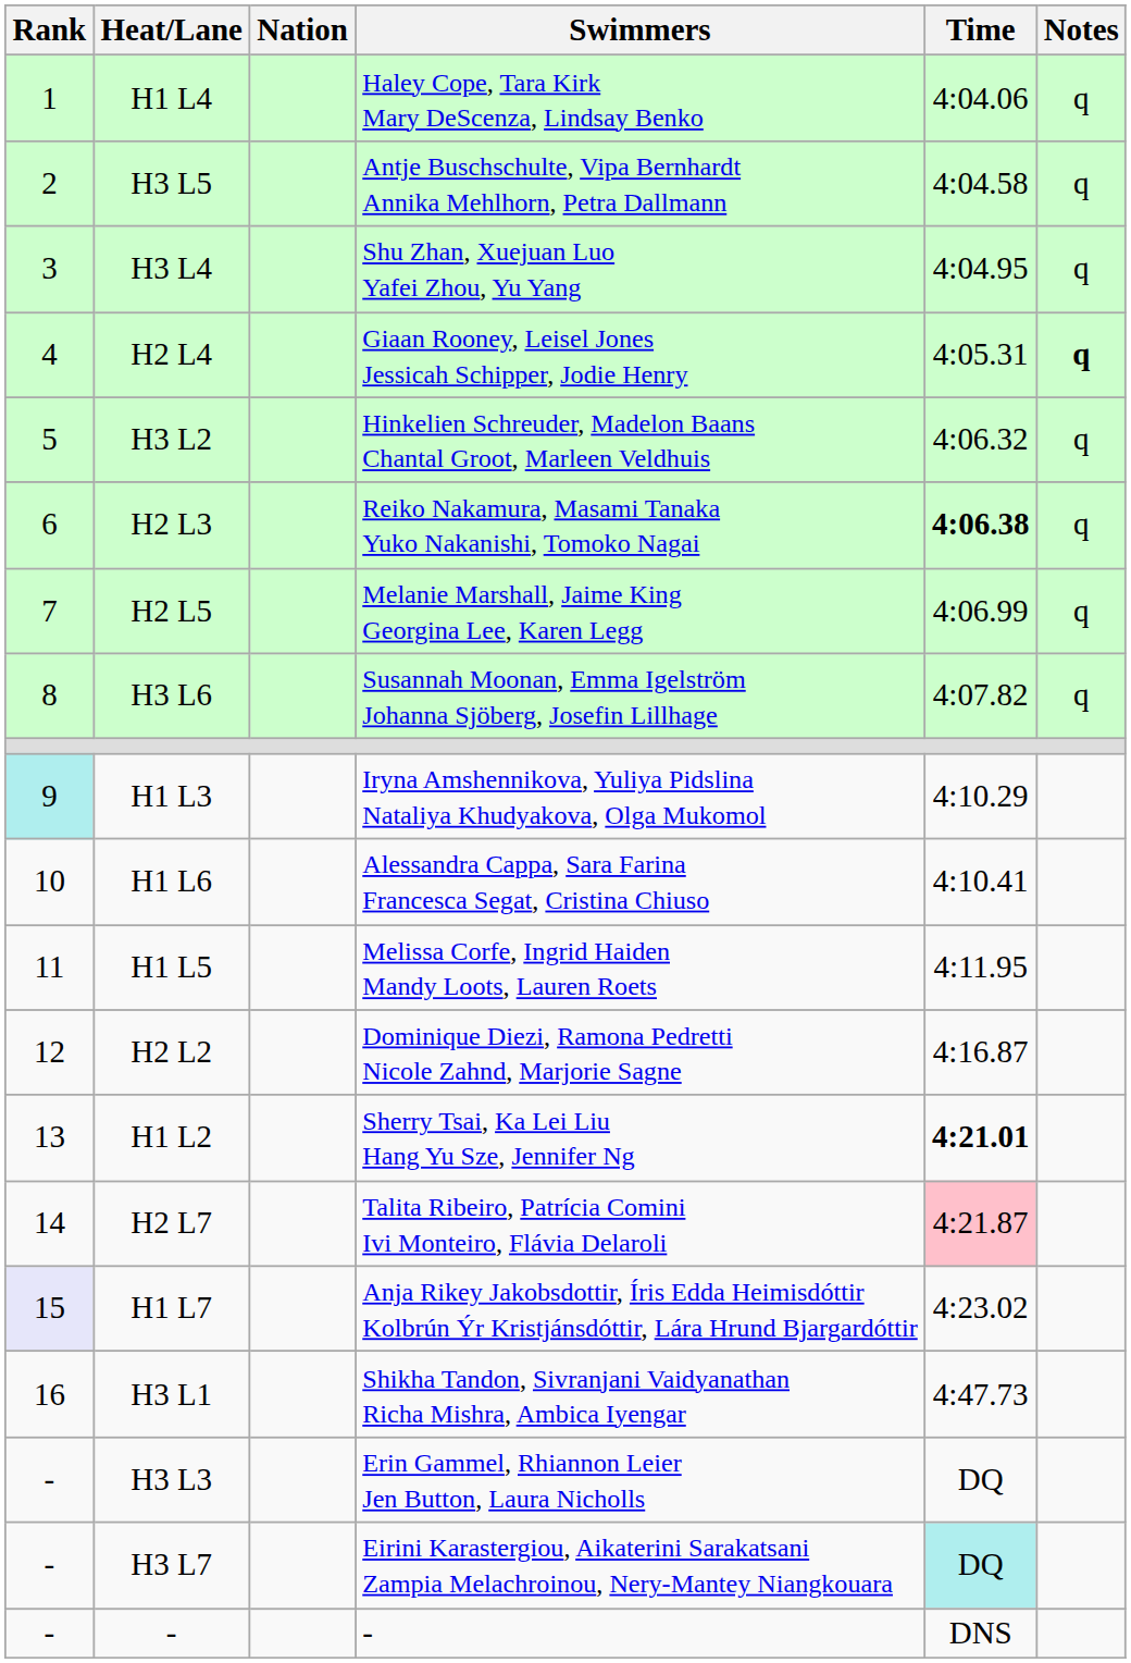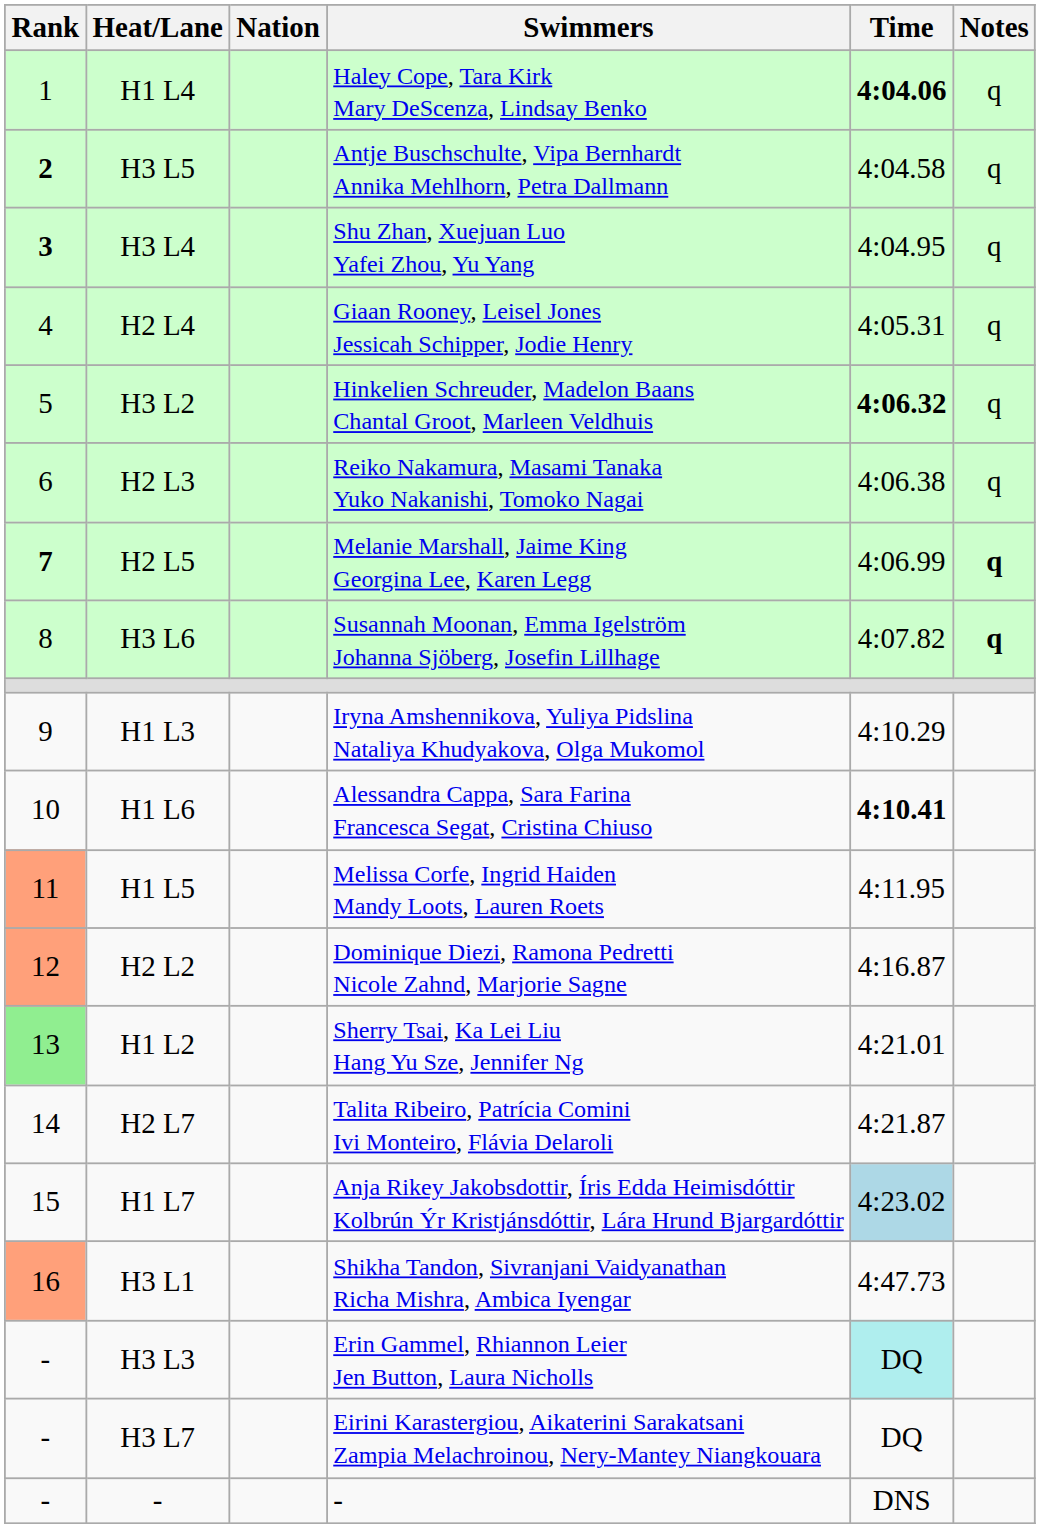 <table class="wikitable sortable" style="text-align:center">
 <tr>
 <th>Rank</th>
 <th>Heat/Lane</th>
 <th>Nation</th>
 <th>Swimmers</th>
 <th>Time</th>
 <th>Notes</th>
 </tr>
 <tr bgcolor=ccffcc>
 <td>1</td>
 <td>H1 L4</td>
 <td align=left></td>
 <td align=left><small> <a href='#'>Haley Cope</a>, <a href='#'>Tara Kirk</a> <br> <a href='#'>Mary DeScenza</a>, <a href='#'>Lindsay Benko</a> </small></td>
-<td>4:04.06</td>
+<td><strong>4:04.06</strong></td>
 <td>q</td>
 </tr>
 <tr bgcolor=ccffcc>
-<td>2</td>
+<td><strong>2</strong></td>
 <td>H3 L5</td>
 <td align=left></td>
 <td align=left><small> <a href='#'>Antje Buschschulte</a>, <a href='#'>Vipa Bernhardt</a> <br> <a href='#'>Annika Mehlhorn</a>, <a href='#'>Petra Dallmann</a> </small></td>
 <td>4:04.58</td>
 <td>q</td>
 </tr>
 <tr bgcolor=ccffcc>
-<td>3</td>
+<td><strong>3</strong></td>
 <td>H3 L4</td>
 <td align=left></td>
 <td align=left><small> <a href='#'>Shu Zhan</a>, <a href='#'>Xuejuan Luo</a> <br> <a href='#'>Yafei Zhou</a>, <a href='#'>Yu Yang</a> </small></td>
 <td>4:04.95</td>
 <td>q</td>
 </tr>
 <tr bgcolor=ccffcc>
 <td>4</td>
 <td>H2 L4</td>
 <td align=left></td>
 <td align=left><small> <a href='#'>Giaan Rooney</a>, <a href='#'>Leisel Jones</a> <br> <a href='#'>Jessicah Schipper</a>, <a href='#'>Jodie Henry</a> </small></td>
 <td>4:05.31</td>
-<td><strong>q</strong></td>
+<td>q</td>
 </tr>
 <tr bgcolor=ccffcc>
 <td>5</td>
 <td>H3 L2</td>
 <td align=left></td>
 <td align=left><small> <a href='#'>Hinkelien Schreuder</a>, <a href='#'>Madelon Baans</a> <br> <a href='#'>Chantal Groot</a>, <a href='#'>Marleen Veldhuis</a> </small></td>
-<td>4:06.32</td>
+<td><strong>4:06.32</strong></td>
 <td>q</td>
 </tr>
 <tr bgcolor=ccffcc>
 <td>6</td>
 <td>H2 L3</td>
 <td align=left></td>
 <td align=left><small> <a href='#'>Reiko Nakamura</a>, <a href='#'>Masami Tanaka</a> <br> <a href='#'>Yuko Nakanishi</a>, <a href='#'>Tomoko Nagai</a> </small></td>
-<td><strong>4:06.38</strong></td>
+<td>4:06.38</td>
 <td>q</td>
 </tr>
 <tr bgcolor=ccffcc>
-<td>7</td>
+<td><strong>7</strong></td>
 <td>H2 L5</td>
 <td align=left></td>
 <td align=left><small> <a href='#'>Melanie Marshall</a>, <a href='#'>Jaime King</a> <br> <a href='#'>Georgina Lee</a>, <a href='#'>Karen Legg</a> </small></td>
 <td>4:06.99</td>
-<td>q</td>
+<td><strong>q</strong></td>
 </tr>
 <tr bgcolor=ccffcc>
 <td>8</td>
 <td>H3 L6</td>
 <td align=left></td>
 <td align=left><small> <a href='#'>Susannah Moonan</a>, <a href='#'>Emma Igelström</a> <br> <a href='#'>Johanna Sjöberg</a>, <a href='#'>Josefin Lillhage</a> </small></td>
 <td>4:07.82</td>
-<td>q</td>
+<td><strong>q</strong></td>
 </tr>
 <tr bgcolor=#DDDDDD>
 <td colspan=6></td>
 </tr>
 <tr>
-<td style="background: paleturquoise;">9</td>
+<td>9</td>
 <td>H1 L3</td>
 <td align=left></td>
 <td align=left><small> <a href='#'>Iryna Amshennikova</a>, <a href='#'>Yuliya Pidslina</a> <br> <a href='#'>Nataliya Khudyakova</a>, <a href='#'>Olga Mukomol</a> </small></td>
 <td>4:10.29</td>
 <td></td>
 </tr>
 <tr>
 <td>10</td>
 <td>H1 L6</td>
 <td align=left></td>
 <td align=left><small> <a href='#'>Alessandra Cappa</a>, <a href='#'>Sara Farina</a> <br> <a href='#'>Francesca Segat</a>, <a href='#'>Cristina Chiuso</a> </small></td>
-<td>4:10.41</td>
+<td><strong>4:10.41</strong></td>
 <td></td>
 </tr>
 <tr>
-<td>11</td>
+<td style="background: lightsalmon;">11</td>
 <td>H1 L5</td>
 <td align=left></td>
 <td align=left><small> <a href='#'>Melissa Corfe</a>, <a href='#'>Ingrid Haiden</a> <br> <a href='#'>Mandy Loots</a>, <a href='#'>Lauren Roets</a> </small></td>
 <td>4:11.95</td>
 <td></td>
 </tr>
 <tr>
-<td>12</td>
+<td style="background: lightsalmon;">12</td>
 <td>H2 L2</td>
 <td align=left></td>
 <td align=left><small> <a href='#'>Dominique Diezi</a>, <a href='#'>Ramona Pedretti</a> <br> <a href='#'>Nicole Zahnd</a>, <a href='#'>Marjorie Sagne</a> </small></td>
 <td>4:16.87</td>
 <td></td>
 </tr>
 <tr>
-<td>13</td>
+<td style="background: lightgreen;">13</td>
 <td>H1 L2</td>
 <td align=left></td>
 <td align=left><small> <a href='#'>Sherry Tsai</a>, <a href='#'>Ka Lei Liu</a> <br> <a href='#'>Hang Yu Sze</a>, <a href='#'>Jennifer Ng</a> </small></td>
-<td><strong>4:21.01</strong></td>
+<td>4:21.01</td>
 <td></td>
 </tr>
 <tr>
 <td>14</td>
 <td>H2 L7</td>
 <td align=left></td>
 <td align=left><small> <a href='#'>Talita Ribeiro</a>, <a href='#'>Patrícia Comini</a> <br> <a href='#'>Ivi Monteiro</a>, <a href='#'>Flávia Delaroli</a> </small></td>
-<td style="background: pink;">4:21.87</td>
+<td>4:21.87</td>
 <td></td>
 </tr>
 <tr>
-<td style="background: lavender;">15</td>
+<td>15</td>
 <td>H1 L7</td>
 <td align=left></td>
 <td align=left><small> <a href='#'>Anja Rikey Jakobsdottir</a>, <a href='#'>Íris Edda Heimisdóttir</a> <br> <a href='#'>Kolbrún Ýr Kristjánsdóttir</a>, <a href='#'>Lára Hrund Bjargardóttir</a> </small></td>
-<td>4:23.02</td>
+<td style="background: lightblue;">4:23.02</td>
 <td></td>
 </tr>
 <tr>
-<td>16</td>
+<td style="background: lightsalmon;">16</td>
 <td>H3 L1</td>
 <td align=left></td>
 <td align=left><small> <a href='#'>Shikha Tandon</a>, <a href='#'>Sivranjani Vaidyanathan</a> <br> <a href='#'>Richa Mishra</a>, <a href='#'>Ambica Iyengar</a> </small></td>
 <td>4:47.73</td>
 <td></td>
 </tr>
 <tr>
 <td>-</td>
 <td>H3 L3</td>
 <td align=left></td>
 <td align=left><small> <a href='#'>Erin Gammel</a>, <a href='#'>Rhiannon Leier</a> <br> <a href='#'>Jen Button</a>, <a href='#'>Laura Nicholls</a> </small></td>
-<td>DQ</td>
+<td style="background: paleturquoise;">DQ</td>
 <td></td>
 </tr>
 <tr>
 <td>-</td>
 <td>H3 L7</td>
 <td align=left></td>
 <td align=left><small> <a href='#'>Eirini Karastergiou</a>, <a href='#'>Aikaterini Sarakatsani</a> <br> <a href='#'>Zampia Melachroinou</a>, <a href='#'>Nery-Mantey Niangkouara</a> </small></td>
-<td style="background: paleturquoise;">DQ</td>
+<td>DQ</td>
 <td></td>
 </tr>
 <tr>
 <td>-</td>
 <td>-</td>
 <td align=left></td>
 <td align=left>-</td>
 <td>DNS</td>
 <td></td>
 </tr>
 <tr>
 </tr>
 </table>
